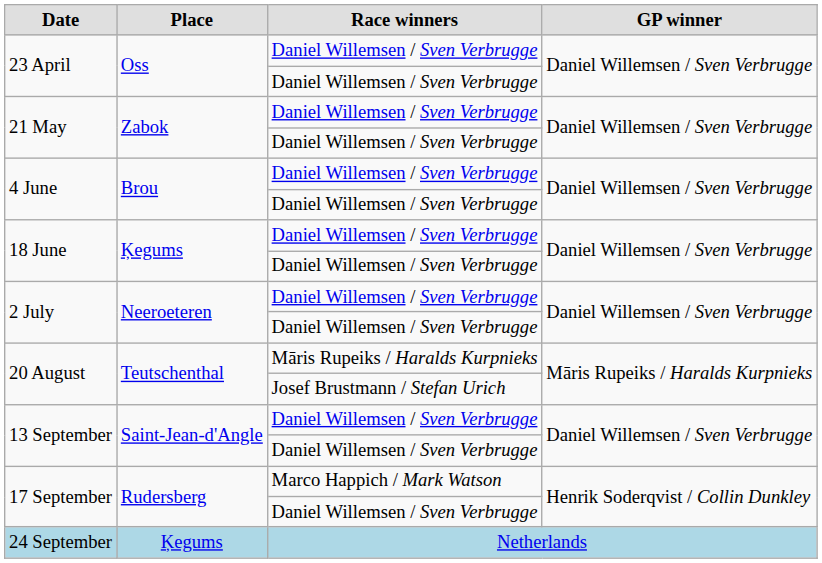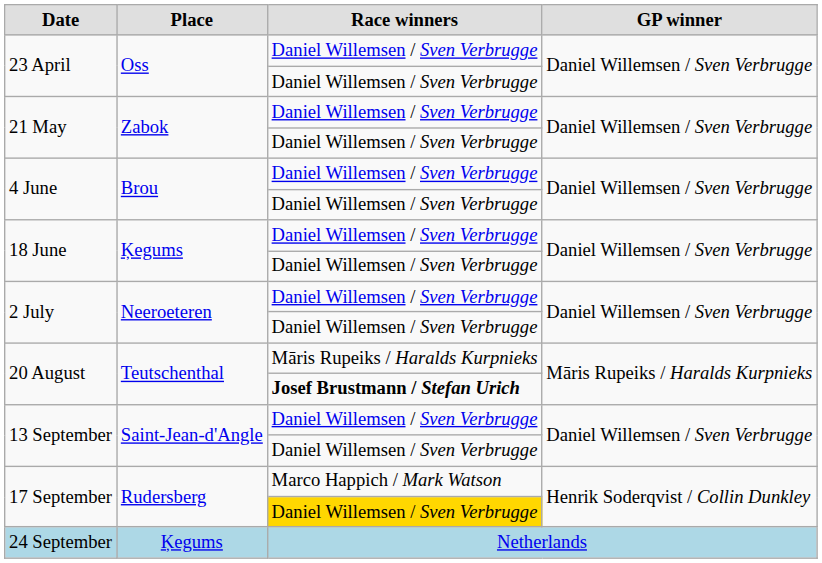 <table class="wikitable" style="font-size: 85%;">
 <tr align="center" style="background:#dfdfdf;">
 <td><strong>Date</strong></td>
 <td><strong>Place</strong></td>
 <td><strong>Race winners</strong></td>
 <td><strong>GP winner</strong></td>
 </tr>
 <tr>
 <td rowspan=2>23 April</td>
 <td rowspan=2> <a href='#'>Oss</a></td>
 <td> <a href='#'>Daniel Willemsen</a> /  <em><a href='#'>Sven Verbrugge</a></em></td>
 <td rowspan=2> Daniel Willemsen /  <em>Sven Verbrugge</em></td>
 </tr>
 <tr>
 <td> Daniel Willemsen /  <em>Sven Verbrugge</em></td>
 </tr>
 <tr>
 <td rowspan=2>21 May</td>
 <td rowspan=2> <a href='#'>Zabok</a></td>
 <td> <a href='#'>Daniel Willemsen</a> /  <em><a href='#'>Sven Verbrugge</a></em></td>
 <td rowspan=2> Daniel Willemsen /  <em>Sven Verbrugge</em></td>
 </tr>
 <tr>
 <td> Daniel Willemsen /  <em>Sven Verbrugge</em></td>
 </tr>
 <tr>
 <td rowspan=2>4 June</td>
 <td rowspan=2> <a href='#'>Brou</a></td>
 <td> <a href='#'>Daniel Willemsen</a> /  <em><a href='#'>Sven Verbrugge</a></em></td>
 <td rowspan=2> Daniel Willemsen /  <em>Sven Verbrugge</em></td>
 </tr>
 <tr>
 <td> Daniel Willemsen /  <em>Sven Verbrugge</em></td>
 </tr>
 <tr>
 <td rowspan=2>18 June</td>
 <td rowspan=2> <a href='#'>Ķegums</a></td>
 <td> <a href='#'>Daniel Willemsen</a> /  <em><a href='#'>Sven Verbrugge</a></em></td>
 <td rowspan=2> Daniel Willemsen /  <em>Sven Verbrugge</em></td>
 </tr>
 <tr>
 <td> Daniel Willemsen /  <em>Sven Verbrugge</em></td>
 </tr>
 <tr>
 <td rowspan=2>2 July</td>
 <td rowspan=2> <a href='#'>Neeroeteren</a></td>
 <td> <a href='#'>Daniel Willemsen</a> /  <em><a href='#'>Sven Verbrugge</a></em></td>
 <td rowspan=2> Daniel Willemsen /  <em>Sven Verbrugge</em></td>
 </tr>
 <tr>
 <td> Daniel Willemsen /  <em>Sven Verbrugge</em></td>
 </tr>
 <tr>
 <td rowspan=2>20 August</td>
 <td rowspan=2> <a href='#'>Teutschenthal</a></td>
 <td> Māris Rupeiks / <em>Haralds Kurpnieks</em></td>
 <td rowspan=2> Māris Rupeiks / <em>Haralds Kurpnieks</em></td>
 </tr>
 <tr>
-<td> Josef Brustmann / <em>Stefan Urich</em></td>
+<td><strong> Josef Brustmann / <em>Stefan Urich</em></strong></td>
 </tr>
 <tr>
 <td rowspan=2>13 September</td>
 <td rowspan=2> <a href='#'>Saint-Jean-d'Angle</a></td>
 <td> <a href='#'>Daniel Willemsen</a> /  <em><a href='#'>Sven Verbrugge</a></em></td>
 <td rowspan=2> Daniel Willemsen /  <em>Sven Verbrugge</em></td>
 </tr>
 <tr>
 <td> Daniel Willemsen /  <em>Sven Verbrugge</em></td>
 </tr>
 <tr>
 <td rowspan=2>17 September</td>
 <td rowspan=2> <a href='#'>Rudersberg</a></td>
 <td> Marco Happich /  <em>Mark Watson</em></td>
 <td rowspan=2> Henrik Soderqvist /  <em>Collin Dunkley</em></td>
 </tr>
 <tr>
-<td> Daniel Willemsen /  <em>Sven Verbrugge</em></td>
+<td style="background: gold;"> Daniel Willemsen /  <em>Sven Verbrugge</em></td>
 </tr>
 <tr align="center" style="background:lightblue;">
 <td rowspan=2>24 September</td>
 <td rowspan=2> <a href='#'>Ķegums</a></td>
 <td colspan=2 align="center"> <a href='#'>Netherlands</a></td>
 </tr>
 </table>
